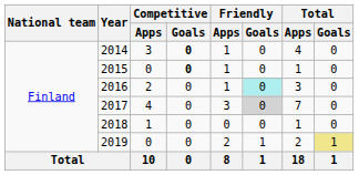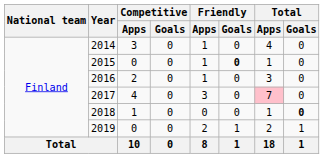 <table class="wikitable" style="text-align:center">
 <tr>
 <th rowspan="2">National team</th>
 <th rowspan="2">Year</th>
 <th colspan="2">Competitive</th>
 <th colspan="2">Friendly</th>
 <th colspan="2">Total</th>
 </tr>
 <tr>
 <th>Apps</th>
 <th>Goals</th>
 <th>Apps</th>
 <th>Goals</th>
 <th>Apps</th>
 <th>Goals</th>
 </tr>
 <tr>
 <td rowspan=6><a href='#'>Finland</a></td>
 <td>2014</td>
 <td>3</td>
-<td><strong>0</strong></td>
+<td>0</td>
 <td>1</td>
 <td>0</td>
 <td>4</td>
 <td>0</td>
 </tr>
 <tr>
 <td>2015</td>
 <td>0</td>
+<td>0</td>
+<td>1</td>
 <td><strong>0</strong></td>
-<td>1</td>
-<td>0</td>
 <td>1</td>
 <td>0</td>
 </tr>
 <tr>
 <td>2016</td>
 <td>2</td>
 <td>0</td>
 <td>1</td>
-<td style="background: paleturquoise;">0</td>
+<td>0</td>
 <td>3</td>
 <td>0</td>
 </tr>
 <tr>
 <td>2017</td>
 <td>4</td>
 <td>0</td>
 <td>3</td>
-<td style="background: lightgrey;">0</td>
-<td>7</td>
+<td>0</td>
+<td style="background: pink;">7</td>
 <td>0</td>
 </tr>
 <tr>
 <td>2018</td>
 <td>1</td>
 <td>0</td>
 <td>0</td>
 <td>0</td>
 <td>1</td>
-<td>0</td>
+<td><strong>0</strong></td>
 </tr>
 <tr>
 <td>2019</td>
 <td>0</td>
 <td>0</td>
 <td>2</td>
 <td>1</td>
 <td>2</td>
-<td style="background: khaki;">1</td>
+<td>1</td>
 </tr>
 <tr>
 <th colspan=2>Total</th>
 <th>10</th>
 <th>0</th>
 <th>8</th>
 <th>1</th>
 <th>18</th>
 <th>1</th>
 </tr>
 </table>
